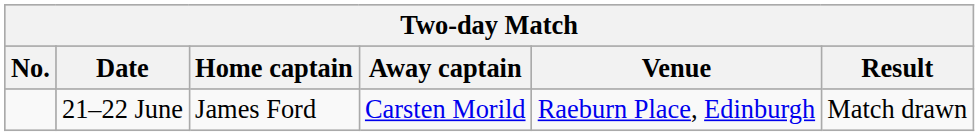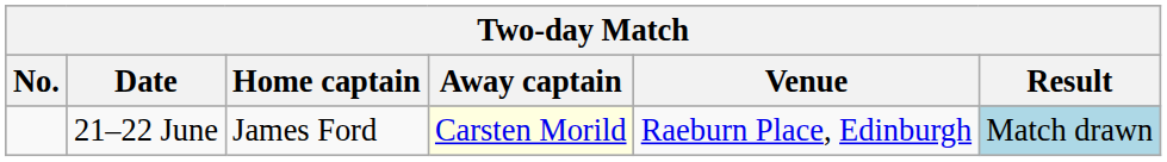 <table class="wikitable">
 <tr>
 <th colspan="9">Two-day Match</th>
 </tr>
 <tr>
 <th>No.</th>
 <th>Date</th>
 <th>Home captain</th>
 <th>Away captain</th>
 <th>Venue</th>
 <th>Result</th>
 </tr>
 <tr>
 <td></td>
 <td>21–22 June</td>
 <td>James Ford</td>
-<td><a href='#'>Carsten Morild</a></td>
+<td style="background: lightyellow;"><a href='#'>Carsten Morild</a></td>
 <td><a href='#'>Raeburn Place</a>, <a href='#'>Edinburgh</a></td>
-<td>Match drawn</td>
+<td style="background: lightblue;">Match drawn</td>
 </tr>
 </table>
